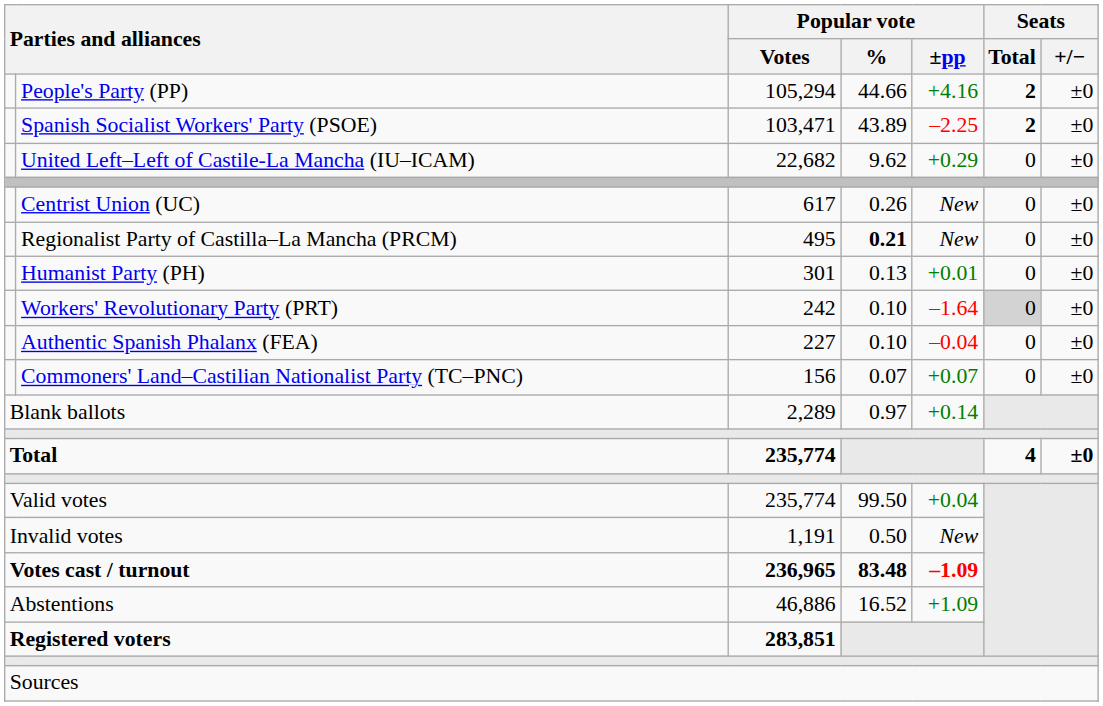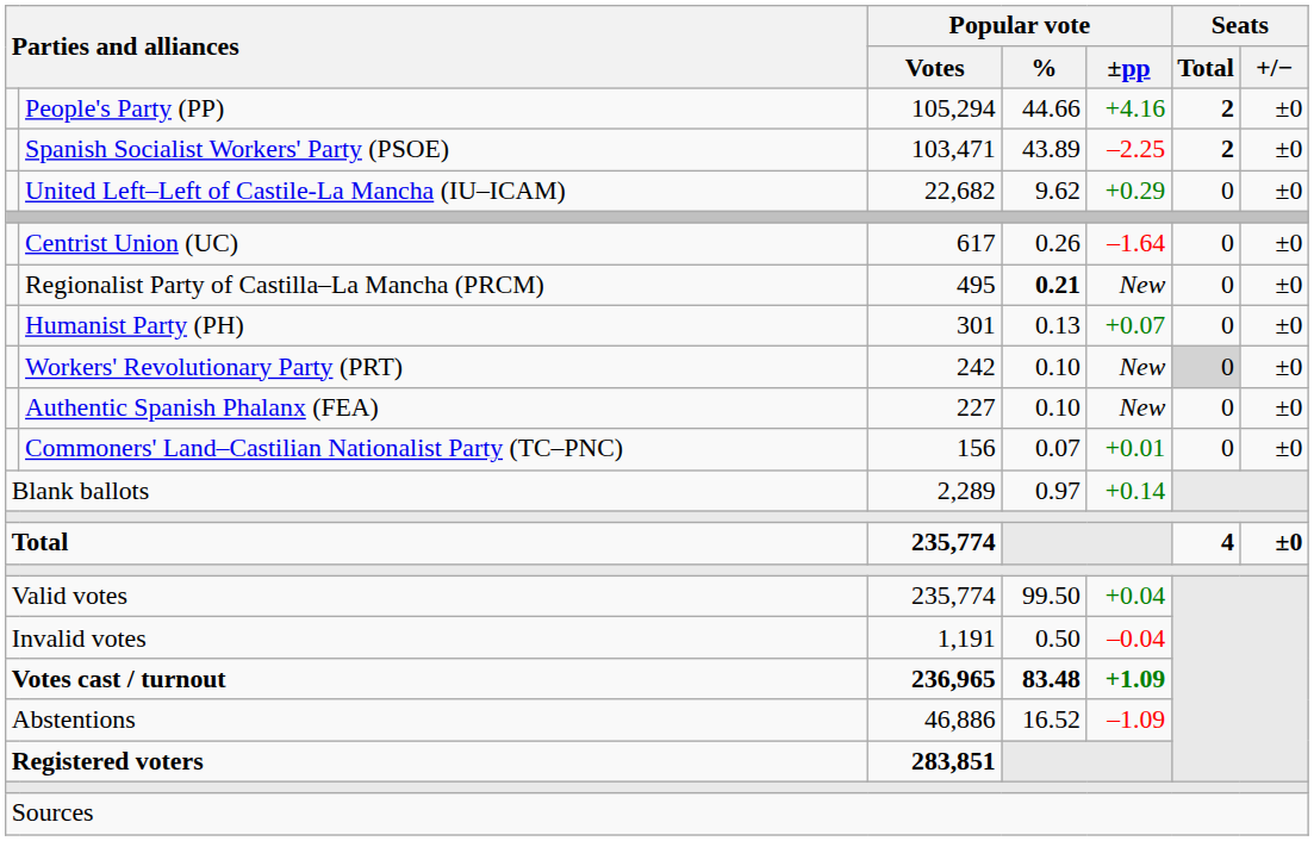 <table class="wikitable" style="text-align:right;">
 <tr>
 <th style="text-align:left;" rowspan="2" colspan="2" width="525">Parties and alliances</th>
 <th colspan="3">Popular vote</th>
 <th colspan="2">Seats</th>
 </tr>
 <tr>
 <th width="75">Votes</th>
 <th width="45">%</th>
 <th width="45">±<a href='#'>pp</a></th>
 <th width="35">Total</th>
 <th width="35">+/−</th>
 </tr>
 <tr>
 <td width="1" style="color:inherit;background:"></td>
 <td align="left"><a href='#'>People's Party</a> (PP)</td>
 <td>105,294</td>
 <td>44.66</td>
 <td style="color:green;">+4.16</td>
 <td><strong>2</strong></td>
 <td>±0</td>
 </tr>
 <tr>
 <td style="color:inherit;background:"></td>
 <td align="left"><a href='#'>Spanish Socialist Workers' Party</a> (PSOE)</td>
 <td>103,471</td>
 <td>43.89</td>
 <td style="color:red;">–2.25</td>
 <td><strong>2</strong></td>
 <td>±0</td>
 </tr>
 <tr>
 <td style="color:inherit;background:"></td>
 <td align="left"><a href='#'>United Left–Left of Castile-La Mancha</a> (IU–ICAM)</td>
 <td>22,682</td>
 <td>9.62</td>
 <td style="color:green;">+0.29</td>
 <td>0</td>
 <td>±0</td>
 </tr>
 <tr>
 <td colspan="7" bgcolor="#C0C0C0"></td>
 </tr>
 <tr>
 <td style="color:inherit;background:"></td>
 <td align="left"><a href='#'>Centrist Union</a> (UC)</td>
 <td>617</td>
 <td>0.26</td>
-<td><em>New</em></td>
+<td style="color:red;">–1.64</td>
 <td>0</td>
 <td>±0</td>
 </tr>
 <tr>
 <td style="color:inherit;background:"></td>
 <td align="left">Regionalist Party of Castilla–La Mancha (PRCM)</td>
 <td>495</td>
 <td><strong>0.21</strong></td>
 <td><em>New</em></td>
 <td>0</td>
 <td>±0</td>
 </tr>
 <tr>
 <td style="color:inherit;background:"></td>
 <td align="left"><a href='#'>Humanist Party</a> (PH)</td>
 <td>301</td>
 <td>0.13</td>
-<td style="color:green;">+0.01</td>
+<td style="color:green;">+0.07</td>
 <td>0</td>
 <td>±0</td>
 </tr>
 <tr>
 <td style="color:inherit;background:"></td>
 <td align="left"><a href='#'>Workers' Revolutionary Party</a> (PRT)</td>
 <td>242</td>
 <td>0.10</td>
-<td style="color:red;">–1.64</td>
+<td><em>New</em></td>
 <td style="background: lightgrey;">0</td>
 <td>±0</td>
 </tr>
 <tr>
 <td style="color:inherit;background:"></td>
 <td align="left"><a href='#'>Authentic Spanish Phalanx</a> (FEA)</td>
 <td>227</td>
 <td>0.10</td>
-<td style="color:red;">–0.04</td>
+<td><em>New</em></td>
 <td>0</td>
 <td>±0</td>
 </tr>
 <tr>
 <td style="color:inherit;background:"></td>
 <td align="left"><a href='#'>Commoners' Land–Castilian Nationalist Party</a> (TC–PNC)</td>
 <td>156</td>
 <td>0.07</td>
-<td style="color:green;">+0.07</td>
+<td style="color:green;">+0.01</td>
 <td>0</td>
 <td>±0</td>
 </tr>
 <tr>
 <td align="left" colspan="2">Blank ballots</td>
 <td>2,289</td>
 <td>0.97</td>
 <td style="color:green;">+0.14</td>
 <td bgcolor="#E9E9E9" colspan="2"></td>
 </tr>
 <tr>
 <td colspan="7" bgcolor="#E9E9E9"></td>
 </tr>
 <tr style="font-weight:bold;">
 <td align="left" colspan="2">Total</td>
 <td>235,774</td>
 <td bgcolor="#E9E9E9" colspan="2"></td>
 <td>4</td>
 <td>±0</td>
 </tr>
 <tr>
 <td colspan="7" bgcolor="#E9E9E9"></td>
 </tr>
 <tr>
 <td align="left" colspan="2">Valid votes</td>
 <td>235,774</td>
 <td>99.50</td>
 <td style="color:green;">+0.04</td>
 <td bgcolor="#E9E9E9" colspan="2" rowspan="5"></td>
 </tr>
 <tr>
 <td align="left" colspan="2">Invalid votes</td>
 <td>1,191</td>
 <td>0.50</td>
-<td><em>New</em></td>
+<td style="color:red;">–0.04</td>
 </tr>
 <tr style="font-weight:bold;">
 <td align="left" colspan="2">Votes cast / turnout</td>
 <td>236,965</td>
 <td>83.48</td>
-<td style="color:red;">–1.09</td>
+<td style="color:green;">+1.09</td>
 </tr>
 <tr>
 <td align="left" colspan="2">Abstentions</td>
 <td>46,886</td>
 <td>16.52</td>
-<td style="color:green;">+1.09</td>
+<td style="color:red;">–1.09</td>
 </tr>
 <tr style="font-weight:bold;">
 <td align="left" colspan="2">Registered voters</td>
 <td>283,851</td>
 <td bgcolor="#E9E9E9" colspan="2"></td>
 </tr>
 <tr>
 <td colspan="7" bgcolor="#E9E9E9"></td>
 </tr>
 <tr>
 <td align="left" colspan="7">Sources</td>
 </tr>
 </table>
